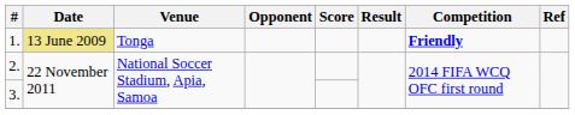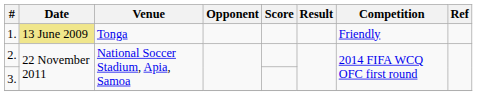 <table class="wikitable">
 <tr>
 <th>#</th>
 <th>Date</th>
 <th>Venue</th>
 <th>Opponent</th>
 <th>Score</th>
 <th>Result</th>
 <th>Competition</th>
 <th>Ref</th>
 </tr>
 <tr>
 <td>1.</td>
 <td style="background: khaki;">13 June 2009</td>
 <td><a href='#'>Tonga</a></td>
 <td></td>
 <td></td>
 <td></td>
-<td><strong><a href='#'>Friendly</a></strong></td>
+<td><a href='#'>Friendly</a></td>
 <td></td>
 </tr>
 <tr>
 <td>2.</td>
 <td rowspan="2">22 November 2011</td>
 <td rowspan="2"><a href='#'>National Soccer Stadium</a>, <a href='#'>Apia</a>, <a href='#'>Samoa</a></td>
 <td rowspan="2"></td>
 <td></td>
 <td rowspan="2"></td>
 <td rowspan="2"><a href='#'>2014 FIFA WCQ OFC first round</a></td>
 <td rowspan="2"></td>
 </tr>
 <tr>
 <td>3.</td>
 <td></td>
 </tr>
 <tr>
 </tr>
 </table>
